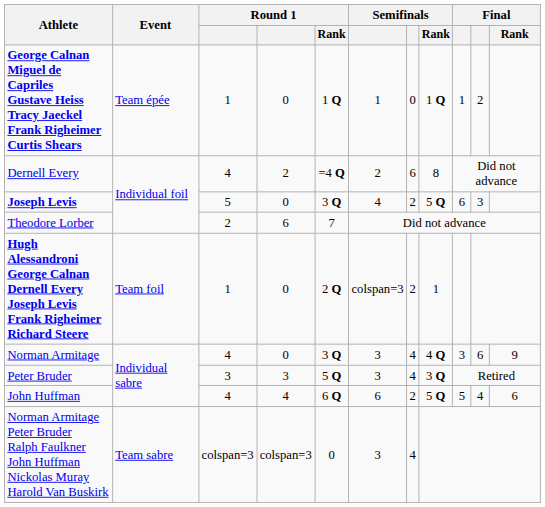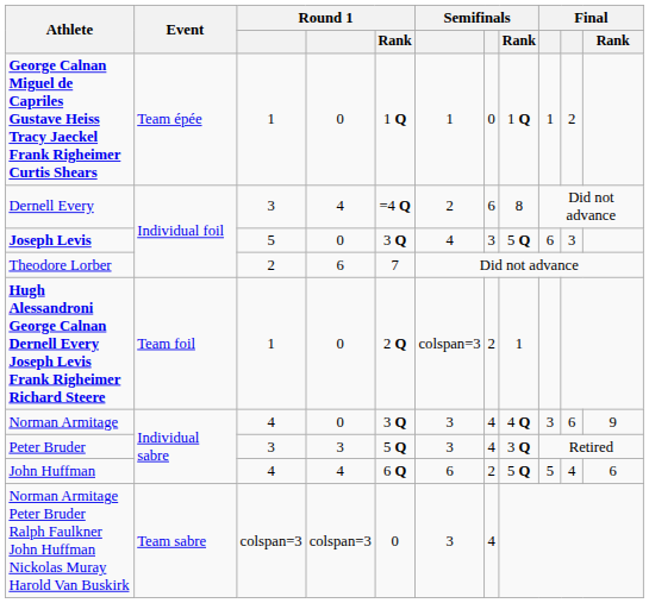 <table class="wikitable" style="font-size:90%">
 <tr>
 <th rowspan=2>Athlete</th>
 <th rowspan=2>Event</th>
 <th colspan=3>Round 1</th>
 <th colspan=3>Semifinals</th>
 <th colspan=3>Final</th>
 </tr>
 <tr style="font-size:95%">
 <th></th>
 <th></th>
 <th>Rank</th>
 <th></th>
 <th></th>
 <th>Rank</th>
 <th></th>
 <th></th>
 <th>Rank</th>
 </tr>
 <tr align=center>
 <td align=left><strong><a href='#'>George Calnan</a><br><a href='#'>Miguel de Capriles</a><br><a href='#'>Gustave Heiss</a><br><a href='#'>Tracy Jaeckel</a><br><a href='#'>Frank Righeimer</a><br><a href='#'>Curtis Shears</a></strong></td>
 <td align=left><a href='#'>Team épée</a></td>
 <td>1</td>
 <td>0</td>
 <td>1 <strong>Q</strong></td>
 <td>1</td>
 <td>0</td>
 <td>1 <strong>Q</strong></td>
 <td>1</td>
 <td>2</td>
 <td></td>
 </tr>
 <tr align=center>
 <td align=left><a href='#'>Dernell Every</a></td>
 <td align=left rowspan=3><a href='#'>Individual foil</a></td>
+<td>3</td>
 <td>4</td>
-<td>2</td>
 <td>=4 <strong>Q</strong></td>
 <td>2</td>
 <td>6</td>
 <td>8</td>
 <td colspan=3>Did not advance</td>
 </tr>
 <tr align=center>
 <td align=left><strong><a href='#'>Joseph Levis</a></strong></td>
 <td>5</td>
 <td>0</td>
 <td>3 <strong>Q</strong></td>
 <td>4</td>
-<td>2</td>
+<td>3</td>
 <td>5 <strong>Q</strong></td>
 <td>6</td>
 <td>3</td>
 <td></td>
 </tr>
 <tr align=center>
 <td align=left><a href='#'>Theodore Lorber</a></td>
 <td>2</td>
 <td>6</td>
 <td>7</td>
 <td colspan=6>Did not advance</td>
 </tr>
 <tr align=center>
 <td align=left><strong><a href='#'>Hugh Alessandroni</a><br><a href='#'>George Calnan</a><br><a href='#'>Dernell Every</a><br><a href='#'>Joseph Levis</a><br><a href='#'>Frank Righeimer</a><br><a href='#'>Richard Steere</a></strong></td>
 <td align=left><a href='#'>Team foil</a></td>
 <td>1</td>
 <td>0</td>
 <td>2 <strong>Q</strong></td>
 <td>colspan=3 </td>
 <td>2</td>
 <td>1</td>
 <td></td>
 </tr>
 <tr align=center>
 <td align=left><a href='#'>Norman Armitage</a></td>
 <td align=left rowspan=3><a href='#'>Individual sabre</a></td>
 <td>4</td>
 <td>0</td>
 <td>3 <strong>Q</strong></td>
 <td>3</td>
 <td>4</td>
 <td>4 <strong>Q</strong></td>
 <td>3</td>
 <td>6</td>
 <td>9</td>
 </tr>
 <tr align=center>
 <td align=left><a href='#'>Peter Bruder</a></td>
 <td>3</td>
 <td>3</td>
 <td>5 <strong>Q</strong></td>
 <td>3</td>
 <td>4</td>
 <td>3 <strong>Q</strong></td>
 <td colspan=3>Retired</td>
 </tr>
 <tr align=center>
 <td align=left><a href='#'>John Huffman</a></td>
 <td>4</td>
 <td>4</td>
 <td>6 <strong>Q</strong></td>
 <td>6</td>
 <td>2</td>
 <td>5 <strong>Q</strong></td>
 <td>5</td>
 <td>4</td>
 <td>6</td>
 </tr>
 <tr align=center>
 <td align=left><a href='#'>Norman Armitage</a><br><a href='#'>Peter Bruder</a><br><a href='#'>Ralph Faulkner</a><br><a href='#'>John Huffman</a><br><a href='#'>Nickolas Muray</a><br><a href='#'>Harold Van Buskirk</a></td>
 <td align=left><a href='#'>Team sabre</a></td>
 <td>colspan=3 </td>
 <td>colspan=3 </td>
 <td>0</td>
 <td>3</td>
 <td>4</td>
 </tr>
 </table>
